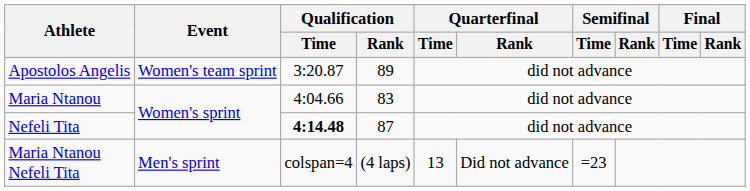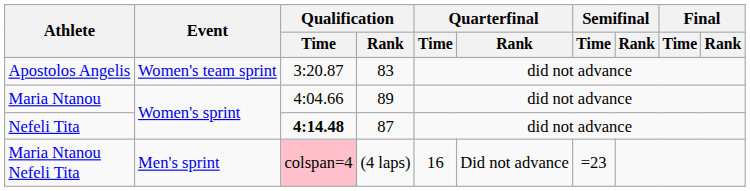 <table class="wikitable" style="font-size:90%">
 <tr>
 <th rowspan="2">Athlete</th>
 <th rowspan="2">Event</th>
 <th colspan="2">Qualification</th>
 <th colspan="2">Quarterfinal</th>
 <th colspan="2">Semifinal</th>
 <th colspan="2">Final</th>
 </tr>
 <tr style="font-size:95%">
 <th>Time</th>
 <th>Rank</th>
 <th>Time</th>
 <th>Rank</th>
 <th>Time</th>
 <th>Rank</th>
 <th>Time</th>
 <th>Rank</th>
 </tr>
 <tr align=center>
 <td align=left><a href='#'>Apostolos Angelis</a></td>
 <td><a href='#'>Women's team sprint</a></td>
 <td>3:20.87</td>
-<td>89</td>
+<td>83</td>
 <td colspan=6>did not advance</td>
 </tr>
 <tr align=center>
 <td align=left><a href='#'>Maria Ntanou</a></td>
 <td align=left rowspan=2><a href='#'>Women's sprint</a></td>
 <td>4:04.66</td>
-<td>83</td>
+<td>89</td>
 <td colspan=6>did not advance</td>
 </tr>
 <tr align=center>
 <td align=left><a href='#'>Nefeli Tita</a></td>
 <td><strong>4:14.48</strong></td>
 <td>87</td>
 <td colspan=6>did not advance</td>
 </tr>
 <tr align=center>
 <td align=left><a href='#'>Maria Ntanou</a><br><a href='#'>Nefeli Tita</a></td>
 <td align=left><a href='#'>Men's sprint</a></td>
-<td>colspan=4 </td>
+<td style="background: pink;">colspan=4 </td>
 <td> (4 laps)</td>
-<td>13</td>
+<td>16</td>
 <td>Did not advance</td>
 <td>=23</td>
 </tr>
 </table>
